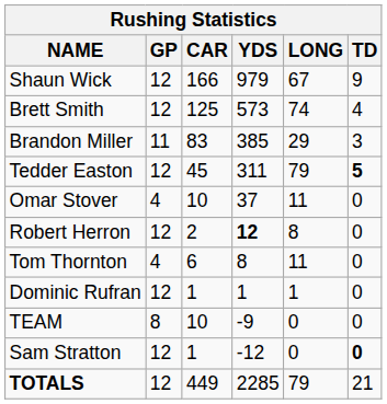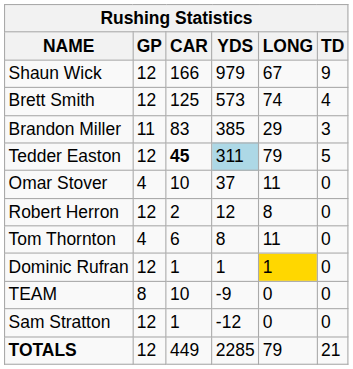 <table class="wikitable sortable collapsible collapsed">
 <tr>
 <th colspan="7">Rushing Statistics</th>
 </tr>
 <tr>
 <th>NAME</th>
 <th>GP</th>
 <th>CAR</th>
 <th>YDS</th>
 <th>LONG</th>
 <th>TD</th>
 </tr>
 <tr>
 <td>Shaun Wick</td>
 <td>12</td>
 <td>166</td>
 <td>979</td>
 <td>67</td>
 <td>9</td>
 </tr>
 <tr>
 <td>Brett Smith</td>
 <td>12</td>
 <td>125</td>
 <td>573</td>
 <td>74</td>
 <td>4</td>
 </tr>
 <tr>
 <td>Brandon Miller</td>
 <td>11</td>
 <td>83</td>
 <td>385</td>
 <td>29</td>
 <td>3</td>
 </tr>
 <tr>
 <td>Tedder Easton</td>
 <td>12</td>
-<td>45</td>
-<td>311</td>
+<td><strong>45</strong></td>
+<td style="background: lightblue;">311</td>
 <td>79</td>
-<td><strong>5</strong></td>
+<td>5</td>
 </tr>
 <tr>
 <td>Omar Stover</td>
 <td>4</td>
 <td>10</td>
 <td>37</td>
 <td>11</td>
 <td>0</td>
 </tr>
 <tr>
 <td>Robert Herron</td>
 <td>12</td>
 <td>2</td>
-<td><strong>12</strong></td>
+<td>12</td>
 <td>8</td>
 <td>0</td>
 </tr>
 <tr>
 <td>Tom Thornton</td>
 <td>4</td>
 <td>6</td>
 <td>8</td>
 <td>11</td>
 <td>0</td>
 </tr>
 <tr>
 <td>Dominic Rufran</td>
 <td>12</td>
 <td>1</td>
 <td>1</td>
-<td>1</td>
+<td style="background: gold;">1</td>
 <td>0</td>
 </tr>
 <tr>
 <td>TEAM</td>
 <td>8</td>
 <td>10</td>
 <td>-9</td>
 <td>0</td>
 <td>0</td>
 </tr>
 <tr>
 <td>Sam Stratton</td>
 <td>12</td>
 <td>1</td>
 <td>-12</td>
 <td>0</td>
-<td><strong>0</strong></td>
+<td>0</td>
 </tr>
 <tr>
 <td><strong>TOTALS</strong></td>
 <td>12</td>
 <td>449</td>
 <td>2285</td>
 <td>79</td>
 <td>21</td>
 </tr>
 </table>
